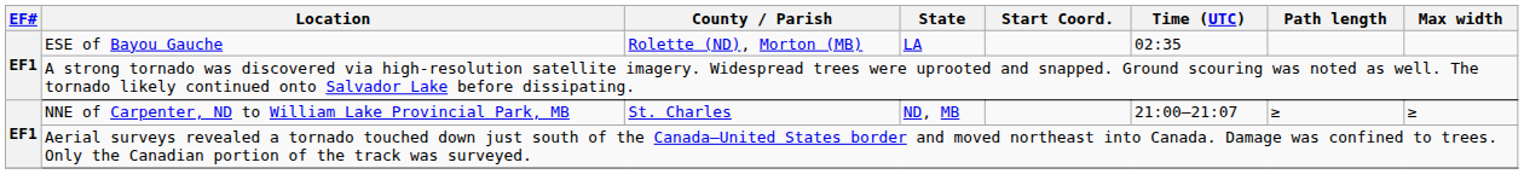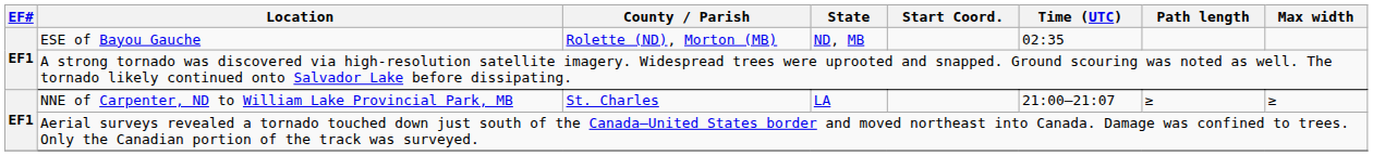 <table class="wikitable sortable" style="width:100%;">
 <tr>
 <th scope="col" width="2%" align="center"><a href='#'>EF#</a></th>
 <th scope="col" align="center" class="unsortable">Location</th>
 <th scope="col" align="center" class="unsortable">County / Parish</th>
 <th scope="col" align="center">State</th>
 <th scope="col" align="center">Start Coord.</th>
 <th scope="col" align="center">Time (<a href='#'>UTC</a>)</th>
 <th scope="col" align="center">Path length</th>
 <th scope="col" align="center">Max width</th>
 </tr>
 <tr>
 <th scope="row" rowspan="2" style="background-color:#">EF1</th>
 <td>ESE of <a href='#'>Bayou Gauche</a></td>
 <td><a href='#'>Rolette (ND)</a>, <a href='#'>Morton (MB)</a></td>
-<td><a href='#'>LA</a></td>
+<td><a href='#'>ND</a>, <a href='#'>MB</a></td>
 <td></td>
 <td>02:35</td>
 <td></td>
 <td></td>
 </tr>
 <tr class="expand-child">
 <td colspan="7" style=" border-bottom: 1px solid black;">A strong tornado was discovered via high-resolution satellite imagery. Widespread trees were uprooted and snapped. Ground scouring was noted as well. The tornado likely continued onto <a href='#'>Salvador Lake</a> before dissipating.</td>
 </tr>
 <tr>
 <th scope="row" rowspan="2" style="background-color:#">EF1</th>
 <td>NNE of <a href='#'>Carpenter, ND</a> to <a href='#'>William Lake Provincial Park, MB</a></td>
 <td><a href='#'>St. Charles</a></td>
-<td><a href='#'>ND</a>, <a href='#'>MB</a></td>
+<td><a href='#'>LA</a></td>
 <td></td>
 <td>21:00–21:07</td>
 <td>≥</td>
 <td>≥</td>
 </tr>
 <tr class="expand-child">
 <td colspan="8" style=" border-bottom: 1px solid black;">Aerial surveys revealed a tornado touched down just south of the <a href='#'>Canada–United States border</a> and moved northeast into Canada. Damage was confined to trees. Only the Canadian portion of the track was surveyed.</td>
 </tr>
 <tr>
 </tr>
 </table>
